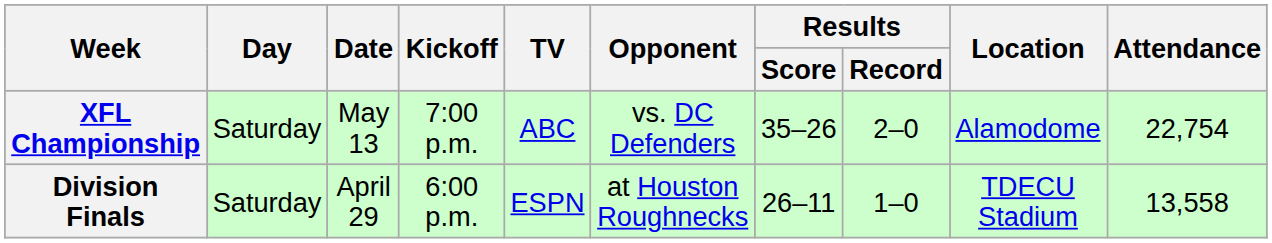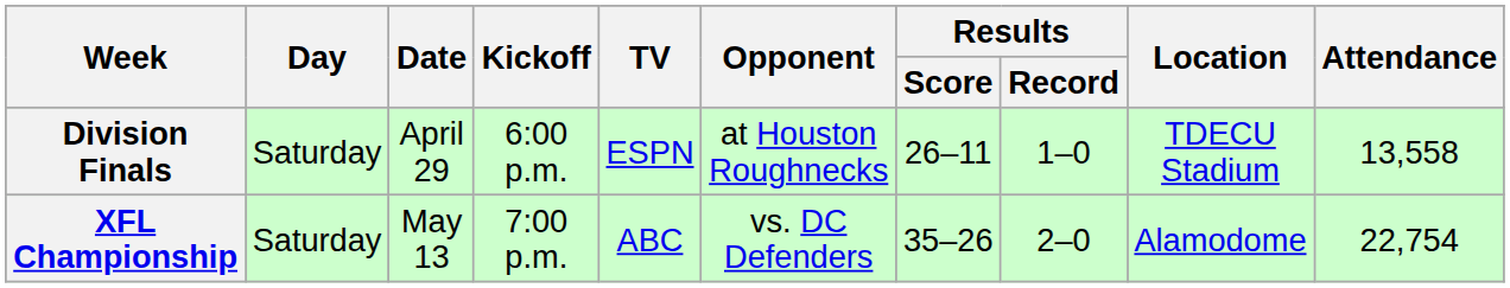 <table class="wikitable" style="text-align:center; font-size: 95%;">
 <tr>
 <th rowspan="2" width="40">Week</th>
 <th rowspan="2" width="80">Day</th>
 <th rowspan="2" width="90">Date</th>
 <th rowspan="2" width="90">Kickoff</th>
 <th rowspan="2" width="60">TV</th>
 <th rowspan="2" width="200">Opponent</th>
 <th colspan="2" width="200">Results</th>
 <th rowspan="2" width="200">Location</th>
 <th rowspan="2">Attendance</th>
 </tr>
 <tr>
 <th width="60">Score</th>
 <th width="60">Record</th>
 </tr>
 <tr style="background:#ccffcc">
+<th>Division Finals</th>
+<td>Saturday</td>
+<td>April 29</td>
+<td>6:00 p.m.</td>
+<td><a href='#'>ESPN</a></td>
+<td>at <a href='#'>Houston Roughnecks</a></td>
+<td>26–11</td>
+<td>1–0</td>
+<td><a href='#'>TDECU Stadium</a></td>
+<td>13,558</td>
+</tr>
+<tr style="background:#ccffcc">
 <th><a href='#'>XFL Championship</a></th>
 <td>Saturday</td>
 <td>May 13</td>
 <td>7:00 p.m.</td>
 <td><a href='#'>ABC</a></td>
 <td>vs. <a href='#'>DC Defenders</a></td>
 <td>35–26</td>
 <td>2–0</td>
 <td><a href='#'>Alamodome</a></td>
 <td>22,754</td>
 </tr>
-<tr style="background:#ccffcc">
-<th>Division Finals</th>
-<td>Saturday</td>
-<td>April 29</td>
-<td>6:00 p.m.</td>
-<td><a href='#'>ESPN</a></td>
-<td>at <a href='#'>Houston Roughnecks</a></td>
-<td>26–11</td>
-<td>1–0</td>
-<td><a href='#'>TDECU Stadium</a></td>
-<td>13,558</td>
-</tr>
 </table>
